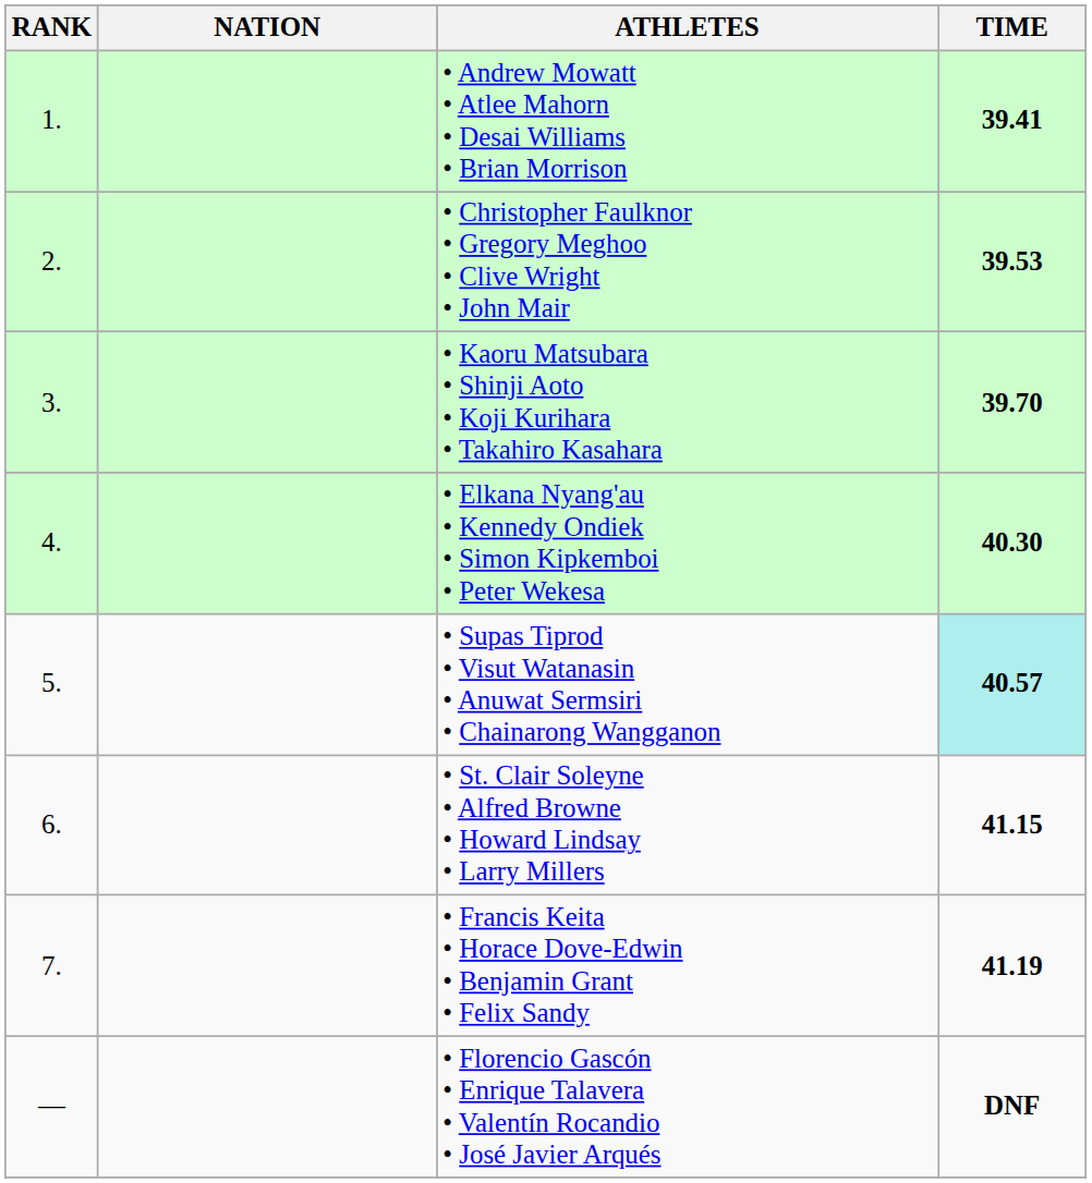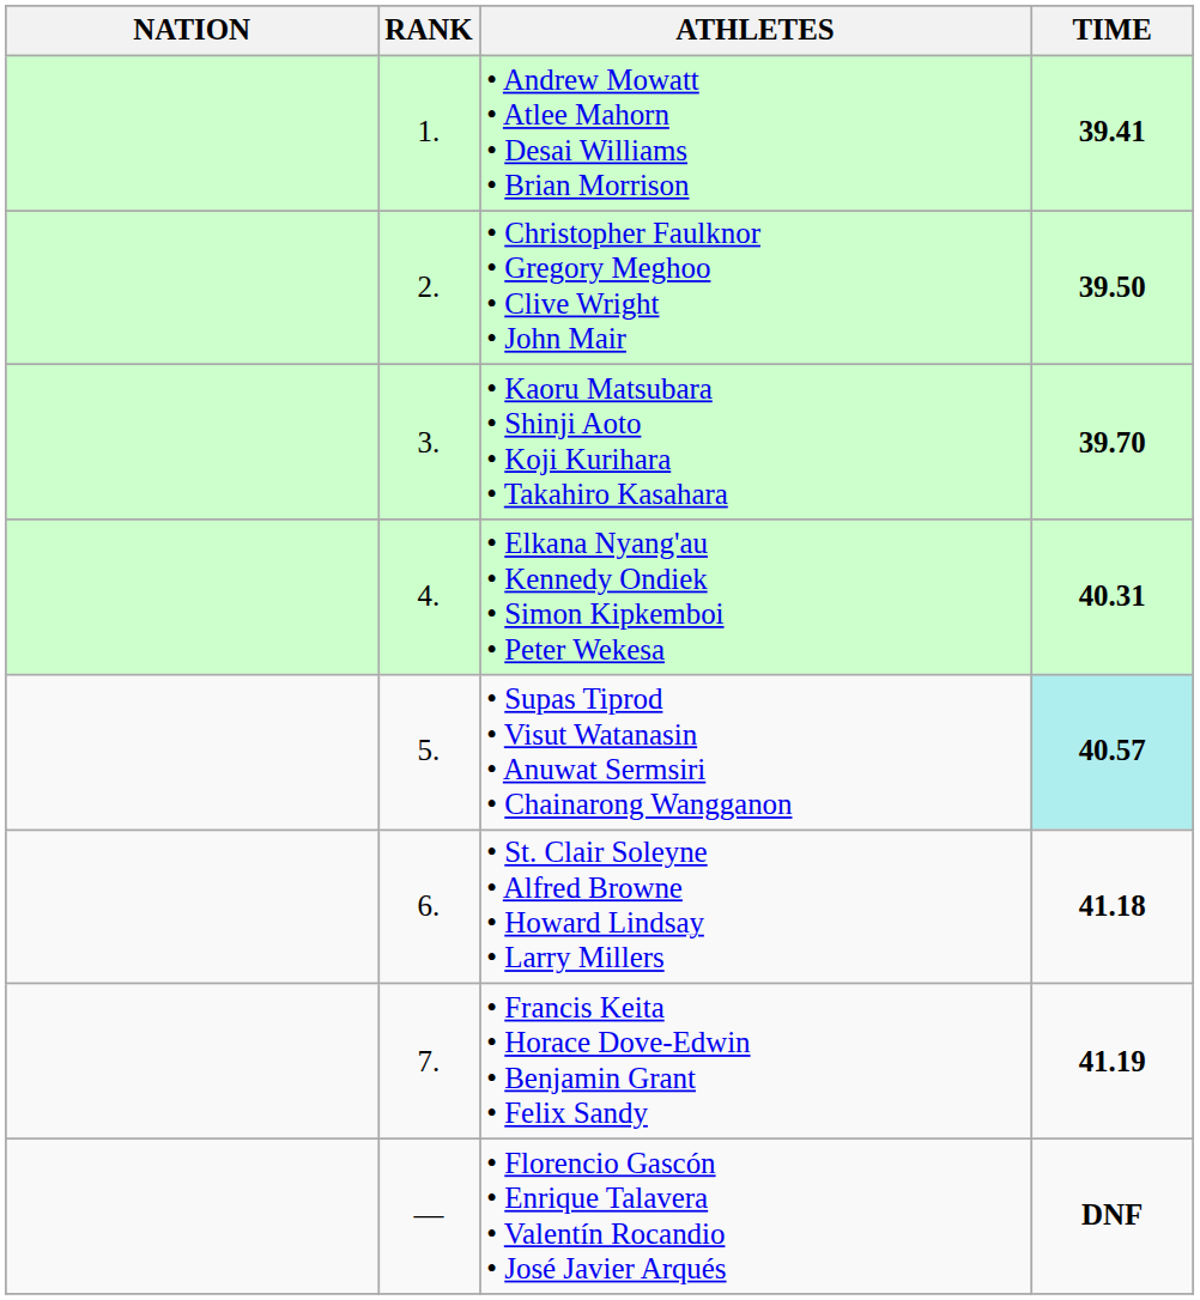 <table class="wikitable" style="border-collapse: collapse; font-size: 90%;">
 <tr>
+<th style="width: 12em">NATION</th>
 <th>RANK</th>
-<th style="width: 12em">NATION</th>
 <th style="width: 18em">ATHLETES</th>
 <th style="width: 5em">TIME</th>
 </tr>
 <tr style="background:#ccffcc;">
+<td align="center"></td>
 <td align="center">1.</td>
-<td align="center"></td>
 <td>• <a href='#'>Andrew Mowatt</a><br>• <a href='#'>Atlee Mahorn</a><br>• <a href='#'>Desai Williams</a><br>• <a href='#'>Brian Morrison</a></td>
 <td align="center"><strong>39.41</strong></td>
 </tr>
 <tr style="background:#ccffcc;">
+<td align="center"></td>
 <td align="center">2.</td>
-<td align="center"></td>
 <td>• <a href='#'>Christopher Faulknor</a><br>• <a href='#'>Gregory Meghoo</a><br>• <a href='#'>Clive Wright</a><br>• <a href='#'>John Mair</a></td>
-<td align="center"><strong>39.53</strong></td>
+<td align="center"><strong>39.50</strong></td>
 </tr>
 <tr style="background:#ccffcc;">
+<td align="center"></td>
 <td align="center">3.</td>
-<td align="center"></td>
 <td>• <a href='#'>Kaoru Matsubara</a><br>• <a href='#'>Shinji Aoto</a><br>• <a href='#'>Koji Kurihara</a><br>• <a href='#'>Takahiro Kasahara</a></td>
 <td align="center"><strong>39.70</strong></td>
 </tr>
 <tr style="background:#ccffcc;">
+<td align="center"></td>
 <td align="center">4.</td>
-<td align="center"></td>
 <td>• <a href='#'>Elkana Nyang'au</a><br>• <a href='#'>Kennedy Ondiek</a><br>• <a href='#'>Simon Kipkemboi</a><br>• <a href='#'>Peter Wekesa</a></td>
-<td align="center"><strong>40.30</strong></td>
+<td align="center"><strong>40.31</strong></td>
 </tr>
 <tr>
+<td align="center"></td>
 <td align="center">5.</td>
-<td align="center"></td>
 <td>• <a href='#'>Supas Tiprod</a><br>• <a href='#'>Visut Watanasin</a><br>• <a href='#'>Anuwat Sermsiri</a><br>• <a href='#'>Chainarong Wangganon</a></td>
 <td align="center" style="background: paleturquoise;"><strong>40.57</strong></td>
 </tr>
 <tr>
+<td align="center"></td>
 <td align="center">6.</td>
-<td align="center"></td>
 <td>• <a href='#'>St. Clair Soleyne</a><br>• <a href='#'>Alfred Browne</a><br>• <a href='#'>Howard Lindsay</a><br>• <a href='#'>Larry Millers</a></td>
-<td align="center"><strong>41.15</strong></td>
+<td align="center"><strong>41.18</strong></td>
 </tr>
 <tr>
+<td align="center"></td>
 <td align="center">7.</td>
-<td align="center"></td>
 <td>• <a href='#'>Francis Keita</a><br>• <a href='#'>Horace Dove-Edwin</a><br>• <a href='#'>Benjamin Grant</a><br>• <a href='#'>Felix Sandy</a></td>
 <td align="center"><strong>41.19</strong></td>
 </tr>
 <tr>
+<td align="center"></td>
 <td align="center">—</td>
-<td align="center"></td>
 <td>• <a href='#'>Florencio Gascón</a><br>• <a href='#'>Enrique Talavera</a><br>• <a href='#'>Valentín Rocandio</a><br>• <a href='#'>José Javier Arqués</a></td>
 <td align="center"><strong>DNF</strong></td>
 </tr>
 </table>
